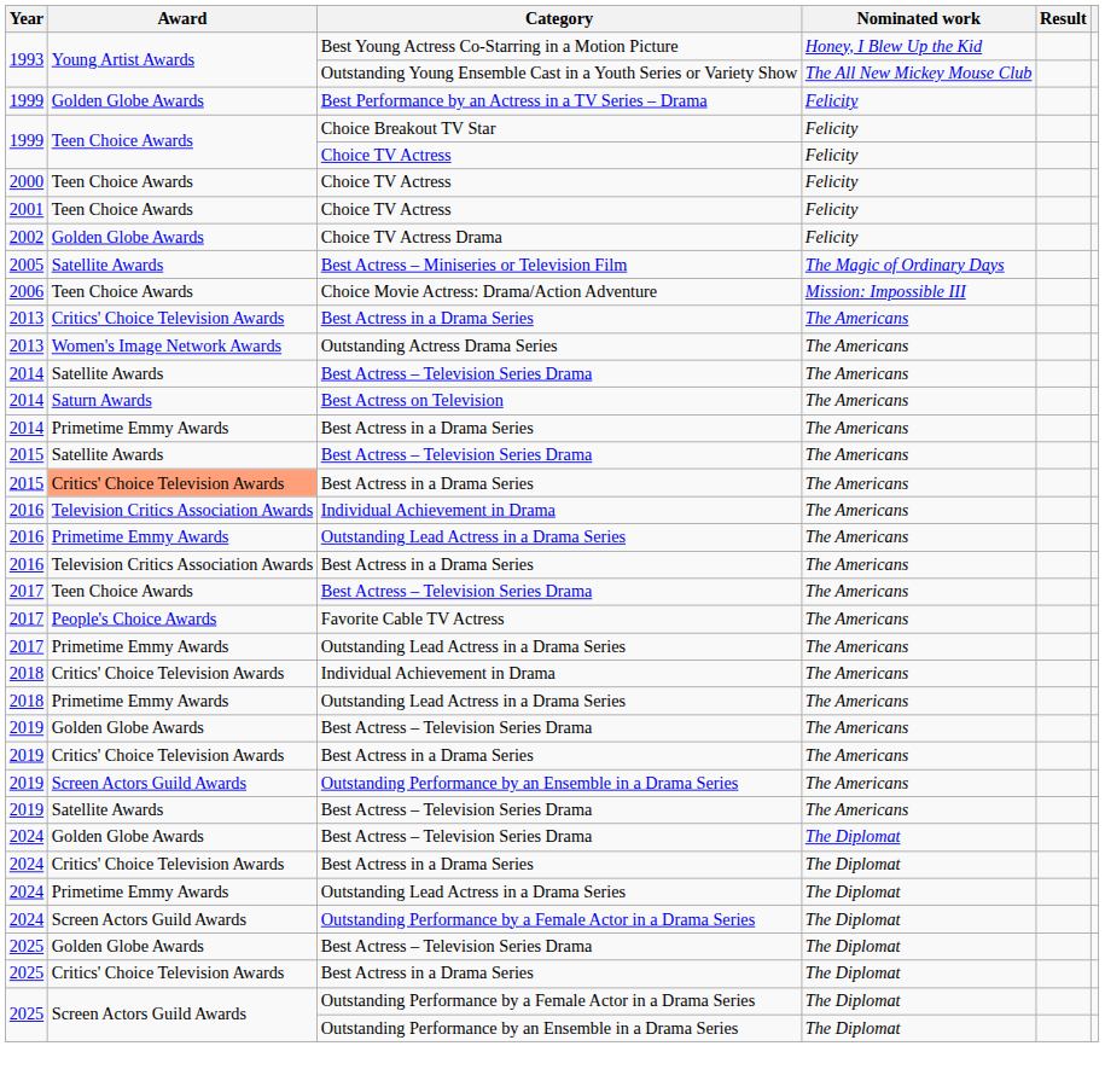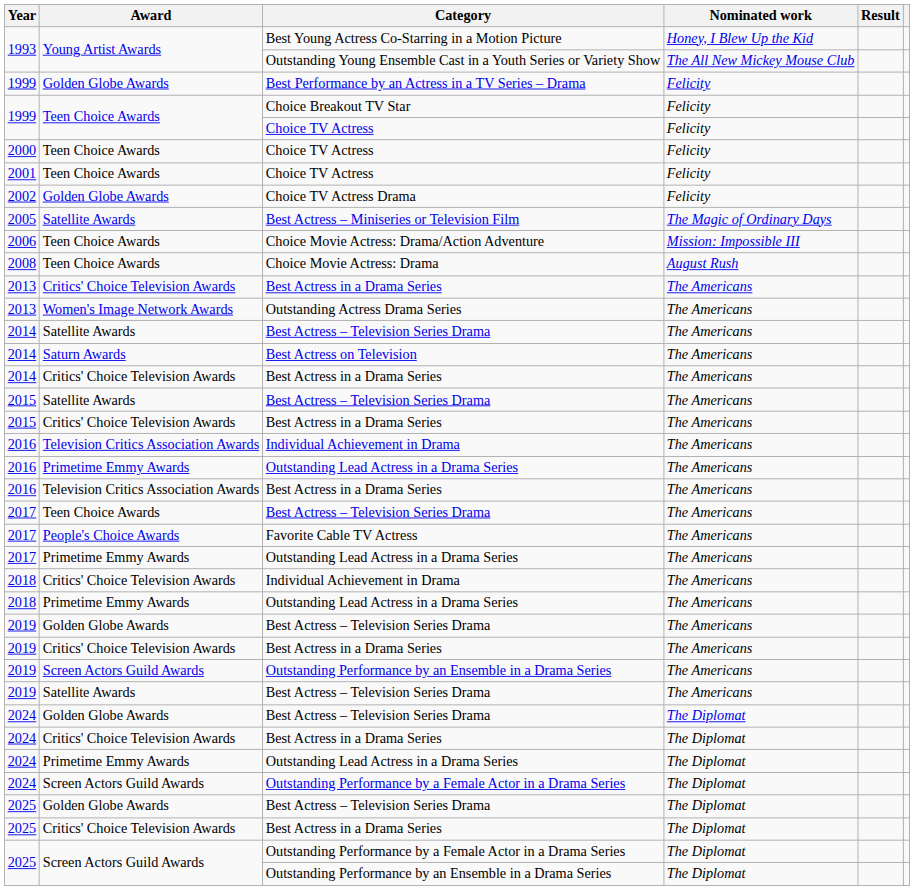 <table class="wikitable sortable">
 <tr>
 <th>Year</th>
 <th>Award</th>
 <th>Category</th>
 <th>Nominated work</th>
 <th>Result</th>
 <th class="unsortable"></th>
 </tr>
 <tr>
 <td rowspan="2"><a href='#'>1993</a></td>
 <td rowspan="2"><a href='#'>Young Artist Awards</a></td>
 <td>Best Young Actress Co-Starring in a Motion Picture</td>
 <td><em><a href='#'>Honey, I Blew Up the Kid</a></em></td>
 <td></td>
 <td style="text-align: center;"></td>
 </tr>
 <tr>
 <td>Outstanding Young Ensemble Cast in a Youth Series or Variety Show</td>
 <td data-sort-value="All New Mickey Mouse Club, The"><em><a href='#'>The All New Mickey Mouse Club</a></em></td>
 <td></td>
 <td style="text-align: center;"></td>
 </tr>
 <tr>
 <td><a href='#'>1999</a></td>
 <td><a href='#'>Golden Globe Awards</a></td>
 <td><a href='#'>Best Performance by an Actress in a TV Series – Drama</a></td>
 <td><em><a href='#'>Felicity</a></em></td>
 <td></td>
 <td></td>
 </tr>
 <tr>
 <td rowspan="2"><a href='#'>1999</a></td>
 <td rowspan="2"><a href='#'>Teen Choice Awards</a></td>
 <td>Choice Breakout TV Star</td>
 <td><em>Felicity</em></td>
 <td></td>
 <td></td>
 </tr>
 <tr>
 <td><a href='#'>Choice TV Actress</a></td>
 <td><em>Felicity</em></td>
 <td></td>
 <td></td>
 </tr>
 <tr>
 <td><a href='#'>2000</a></td>
 <td>Teen Choice Awards</td>
 <td>Choice TV Actress</td>
 <td><em>Felicity</em></td>
 <td></td>
 <td></td>
 </tr>
 <tr>
 <td><a href='#'>2001</a></td>
 <td>Teen Choice Awards</td>
 <td>Choice TV Actress</td>
 <td><em>Felicity</em></td>
 <td></td>
 <td></td>
 </tr>
 <tr>
 <td><a href='#'>2002</a></td>
 <td><a href='#'>Golden Globe Awards</a></td>
 <td>Choice TV Actress Drama</td>
 <td><em>Felicity</em></td>
 <td></td>
 <td></td>
 </tr>
 <tr>
 <td><a href='#'>2005</a></td>
 <td><a href='#'>Satellite Awards</a></td>
 <td><a href='#'>Best Actress – Miniseries or Television Film</a></td>
 <td data-sort-value="Magic of Ordinary Days, The"><em><a href='#'>The Magic of Ordinary Days</a></em></td>
 <td></td>
 <td></td>
 </tr>
 <tr>
 <td><a href='#'>2006</a></td>
 <td>Teen Choice Awards</td>
 <td>Choice Movie Actress: Drama/Action Adventure</td>
 <td><em><a href='#'>Mission: Impossible III</a></em></td>
 <td></td>
 <td></td>
 </tr>
 <tr>
+<td><a href='#'>2008</a></td>
+<td>Teen Choice Awards</td>
+<td>Choice Movie Actress: Drama</td>
+<td><em><a href='#'>August Rush</a></em></td>
+<td></td>
+<td></td>
+</tr>
+<tr>
 <td><a href='#'>2013</a></td>
 <td><a href='#'>Critics' Choice Television Awards</a></td>
 <td><a href='#'>Best Actress in a Drama Series</a></td>
 <td data-sort-value="Americans, The"><em><a href='#'>The Americans</a></em></td>
 <td></td>
 <td></td>
 </tr>
 <tr>
 <td><a href='#'>2013</a></td>
 <td><a href='#'>Women's Image Network Awards</a></td>
 <td>Outstanding Actress Drama Series</td>
 <td data-sort-value="Americans, The"><em>The Americans</em></td>
 <td></td>
 <td></td>
 </tr>
 <tr>
 <td><a href='#'>2014</a></td>
 <td>Satellite Awards</td>
 <td><a href='#'>Best Actress – Television Series Drama</a></td>
 <td data-sort-value="Americans, The"><em>The Americans</em></td>
 <td></td>
 <td></td>
 </tr>
 <tr>
 <td><a href='#'>2014</a></td>
 <td><a href='#'>Saturn Awards</a></td>
 <td><a href='#'>Best Actress on Television</a></td>
 <td data-sort-value="Americans, The"><em>The Americans</em></td>
 <td></td>
 <td></td>
 </tr>
 <tr>
 <td><a href='#'>2014</a></td>
-<td>Primetime Emmy Awards</td>
+<td>Critics' Choice Television Awards</td>
 <td>Best Actress in a Drama Series</td>
 <td data-sort-value="Americans, The"><em>The Americans</em></td>
 <td></td>
 <td></td>
 </tr>
 <tr>
 <td><a href='#'>2015</a></td>
 <td>Satellite Awards</td>
 <td><a href='#'>Best Actress – Television Series Drama</a></td>
 <td data-sort-value="Americans, The"><em>The Americans</em></td>
 <td></td>
 <td></td>
 </tr>
 <tr>
 <td><a href='#'>2015</a></td>
-<td style="background: lightsalmon;">Critics' Choice Television Awards</td>
+<td>Critics' Choice Television Awards</td>
 <td>Best Actress in a Drama Series</td>
 <td data-sort-value="Americans, The"><em>The Americans</em></td>
 <td></td>
 <td></td>
 </tr>
 <tr>
 <td><a href='#'>2016</a></td>
 <td><a href='#'>Television Critics Association Awards</a></td>
 <td><a href='#'>Individual Achievement in Drama</a></td>
 <td data-sort-value="Americans, The"><em>The Americans</em></td>
 <td></td>
 <td></td>
 </tr>
 <tr>
 <td><a href='#'>2016</a></td>
 <td><a href='#'>Primetime Emmy Awards</a></td>
 <td><a href='#'>Outstanding Lead Actress in a Drama Series</a></td>
 <td data-sort-value="Americans, The"><em>The Americans</em></td>
 <td></td>
 <td></td>
 </tr>
 <tr>
 <td><a href='#'>2016</a></td>
 <td>Television Critics Association Awards</td>
 <td>Best Actress in a Drama Series</td>
 <td data-sort-value="Americans, The"><em>The Americans</em></td>
 <td></td>
 <td></td>
 </tr>
 <tr>
 <td><a href='#'>2017</a></td>
 <td>Teen Choice Awards</td>
 <td><a href='#'>Best Actress – Television Series Drama</a></td>
 <td data-sort-value="Americans, The"><em>The Americans</em></td>
 <td></td>
 <td></td>
 </tr>
 <tr>
 <td><a href='#'>2017</a></td>
 <td><a href='#'>People's Choice Awards</a></td>
 <td>Favorite Cable TV Actress</td>
 <td data-sort-value="Americans, The"><em>The Americans</em></td>
 <td></td>
 <td></td>
 </tr>
 <tr>
 <td><a href='#'>2017</a></td>
 <td>Primetime Emmy Awards</td>
 <td>Outstanding Lead Actress in a Drama Series</td>
 <td data-sort-value="Americans, The"><em>The Americans</em></td>
 <td></td>
 <td></td>
 </tr>
 <tr>
 <td><a href='#'>2018</a></td>
 <td>Critics' Choice Television Awards</td>
 <td>Individual Achievement in Drama</td>
 <td data-sort-value="Americans, The"><em>The Americans</em></td>
 <td></td>
 <td></td>
 </tr>
 <tr>
 <td><a href='#'>2018</a></td>
 <td>Primetime Emmy Awards</td>
 <td>Outstanding Lead Actress in a Drama Series</td>
 <td data-sort-value="Americans, The"><em>The Americans</em></td>
 <td></td>
 <td></td>
 </tr>
 <tr>
 <td><a href='#'>2019</a></td>
 <td>Golden Globe Awards</td>
 <td>Best Actress – Television Series Drama</td>
 <td data-sort-value="Americans, The"><em>The Americans</em></td>
 <td></td>
 <td></td>
 </tr>
 <tr>
 <td><a href='#'>2019</a></td>
 <td>Critics' Choice Television Awards</td>
 <td>Best Actress in a Drama Series</td>
 <td data-sort-value="Americans, The"><em>The Americans</em></td>
 <td></td>
 <td></td>
 </tr>
 <tr>
 <td><a href='#'>2019</a></td>
 <td><a href='#'>Screen Actors Guild Awards</a></td>
 <td><a href='#'>Outstanding Performance by an Ensemble in a Drama Series</a></td>
 <td data-sort-value="Americans, The"><em>The Americans</em></td>
 <td></td>
 <td></td>
 </tr>
 <tr>
 <td><a href='#'>2019</a></td>
 <td>Satellite Awards</td>
 <td>Best Actress – Television Series Drama</td>
 <td data-sort-value="Americans, The"><em>The Americans</em></td>
 <td></td>
 <td style="text-align: center;"></td>
 </tr>
 <tr>
 <td><a href='#'>2024</a></td>
 <td>Golden Globe Awards</td>
 <td>Best Actress – Television Series Drama</td>
 <td data-sort-value="Diplomat, The"><em><a href='#'>The Diplomat</a></em></td>
 <td></td>
 <td style="text-align: center;"></td>
 </tr>
 <tr>
 <td><a href='#'>2024</a></td>
 <td>Critics' Choice Television Awards</td>
 <td>Best Actress in a Drama Series</td>
 <td data-sort-value="Diplomat, The"><em>The Diplomat</em></td>
 <td></td>
 <td style="text-align: center;"></td>
 </tr>
 <tr>
 <td><a href='#'>2024</a></td>
 <td>Primetime Emmy Awards</td>
 <td>Outstanding Lead Actress in a Drama Series</td>
 <td data-sort-value="Diplomat, The"><em>The Diplomat</em></td>
 <td></td>
 <td style="text-align: center;"></td>
 </tr>
 <tr>
 <td><a href='#'>2024</a></td>
 <td>Screen Actors Guild Awards</td>
 <td><a href='#'>Outstanding Performance by a Female Actor in a Drama Series</a></td>
 <td data-sort-value="Diplomat, The"><em>The Diplomat</em></td>
 <td></td>
 <td style="text-align: center;"></td>
 </tr>
 <tr>
 <td><a href='#'>2025</a></td>
 <td>Golden Globe Awards</td>
 <td>Best Actress – Television Series Drama</td>
 <td data-sort-value="Diplomat, The"><em>The Diplomat</em></td>
 <td></td>
 <td style="text-align: center;"></td>
 </tr>
 <tr>
 <td><a href='#'>2025</a></td>
 <td>Critics' Choice Television Awards</td>
 <td>Best Actress in a Drama Series</td>
 <td data-sort-value="Diplomat, The"><em>The Diplomat</em></td>
 <td></td>
 <td style="text-align: center;"></td>
 </tr>
 <tr>
 <td scope="row" rowspan="2"><a href='#'>2025</a></td>
 <td rowspan="2">Screen Actors Guild Awards</td>
 <td Screen Actors Guild Award for Outstanding Performance by a Female Actor in a Drama Series>Outstanding Performance by a Female Actor in a Drama Series</td>
 <td data-sort-value="Diplomat, The"><em>The Diplomat</em></td>
 <td></td>
 <td></td>
 </tr>
 <tr>
 <td Screen Actors Guild Award for Outstanding Performance by an Ensemble in a Drama Series>Outstanding Performance by an Ensemble in a Drama Series</td>
 <td data-sort-value="Diplomat, The"><em>The Diplomat</em></td>
 <td></td>
 <td style="text-align: center;"></td>
 </tr>
 </table>
